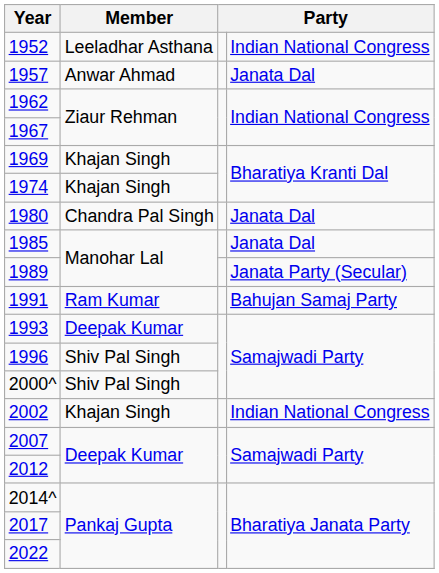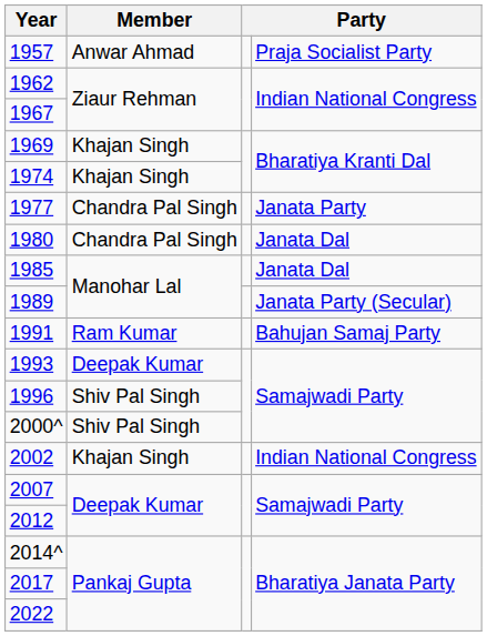 <table class="wikitable">
 <tr>
 <th>Year</th>
 <th>Member</th>
 <th colspan="2">Party</th>
 </tr>
 <tr>
-<td><a href='#'>1952</a></td>
-<td>Leeladhar Asthana</td>
-<td style="background-color: "></td>
-<td><a href='#'>Indian National Congress</a></td>
-</tr>
-<tr>
 <td><a href='#'>1957</a></td>
 <td>Anwar Ahmad</td>
 <td style="background-color: "></td>
-<td><a href='#'>Janata Dal</a></td>
+<td><a href='#'>Praja Socialist Party</a></td>
 </tr>
 <tr>
 <td><a href='#'>1962</a></td>
 <td rowspan="2">Ziaur Rehman</td>
 <td rowspan="2" style="background-color: "></td>
 <td rowspan="2"><a href='#'>Indian National Congress</a></td>
 </tr>
 <tr>
 <td><a href='#'>1967</a></td>
 </tr>
 <tr>
 <td><a href='#'>1969</a></td>
 <td>Khajan Singh</td>
 <td rowspan="2" style="background-color: "></td>
 <td rowspan="2"><a href='#'>Bharatiya Kranti Dal</a></td>
 </tr>
 <tr>
 <td><a href='#'>1974</a></td>
 <td>Khajan Singh</td>
+</tr>
+<tr>
+<td><a href='#'>1977</a></td>
+<td>Chandra Pal Singh</td>
+<td style="background-color: "></td>
+<td><a href='#'>Janata Party</a></td>
 </tr>
 <tr>
 <td><a href='#'>1980</a></td>
 <td>Chandra Pal Singh</td>
 <td style="background-color: "></td>
 <td><a href='#'>Janata Dal</a></td>
 </tr>
 <tr>
 <td><a href='#'>1985</a></td>
 <td rowspan="2">Manohar Lal</td>
 <td style="background-color: "></td>
 <td><a href='#'>Janata Dal</a></td>
 </tr>
 <tr>
 <td><a href='#'>1989</a></td>
 <td style="background-color: "></td>
 <td><a href='#'>Janata Party (Secular)</a></td>
 </tr>
 <tr>
 <td><a href='#'>1991</a></td>
 <td><a href='#'>Ram Kumar</a></td>
 <td style="background-color: "></td>
 <td><a href='#'>Bahujan Samaj Party</a></td>
 </tr>
 <tr>
 <td><a href='#'>1993</a></td>
 <td><a href='#'>Deepak Kumar</a></td>
 <td rowspan="3" style="background-color: "></td>
 <td rowspan="3"><a href='#'>Samajwadi Party</a></td>
 </tr>
 <tr>
 <td><a href='#'>1996</a></td>
 <td>Shiv Pal Singh</td>
 </tr>
 <tr>
 <td>2000^</td>
 <td>Shiv Pal Singh</td>
 </tr>
 <tr>
 <td><a href='#'>2002</a></td>
 <td>Khajan Singh</td>
 <td style="background-color: "></td>
 <td><a href='#'>Indian National Congress</a></td>
 </tr>
 <tr>
 <td><a href='#'>2007</a></td>
 <td rowspan="2"><a href='#'>Deepak Kumar</a></td>
 <td rowspan="2" style="background-color: "></td>
 <td rowspan="2"><a href='#'>Samajwadi Party</a></td>
 </tr>
 <tr>
 <td><a href='#'>2012</a></td>
 </tr>
 <tr>
 <td>2014^</td>
 <td rowspan="3"><a href='#'>Pankaj Gupta</a></td>
 <td rowspan="3" style="background-color: "></td>
 <td rowspan="3"><a href='#'>Bharatiya Janata Party</a></td>
 </tr>
 <tr>
 <td><a href='#'>2017</a></td>
 </tr>
 <tr>
 <td><a href='#'>2022</a></td>
 </tr>
 </table>
